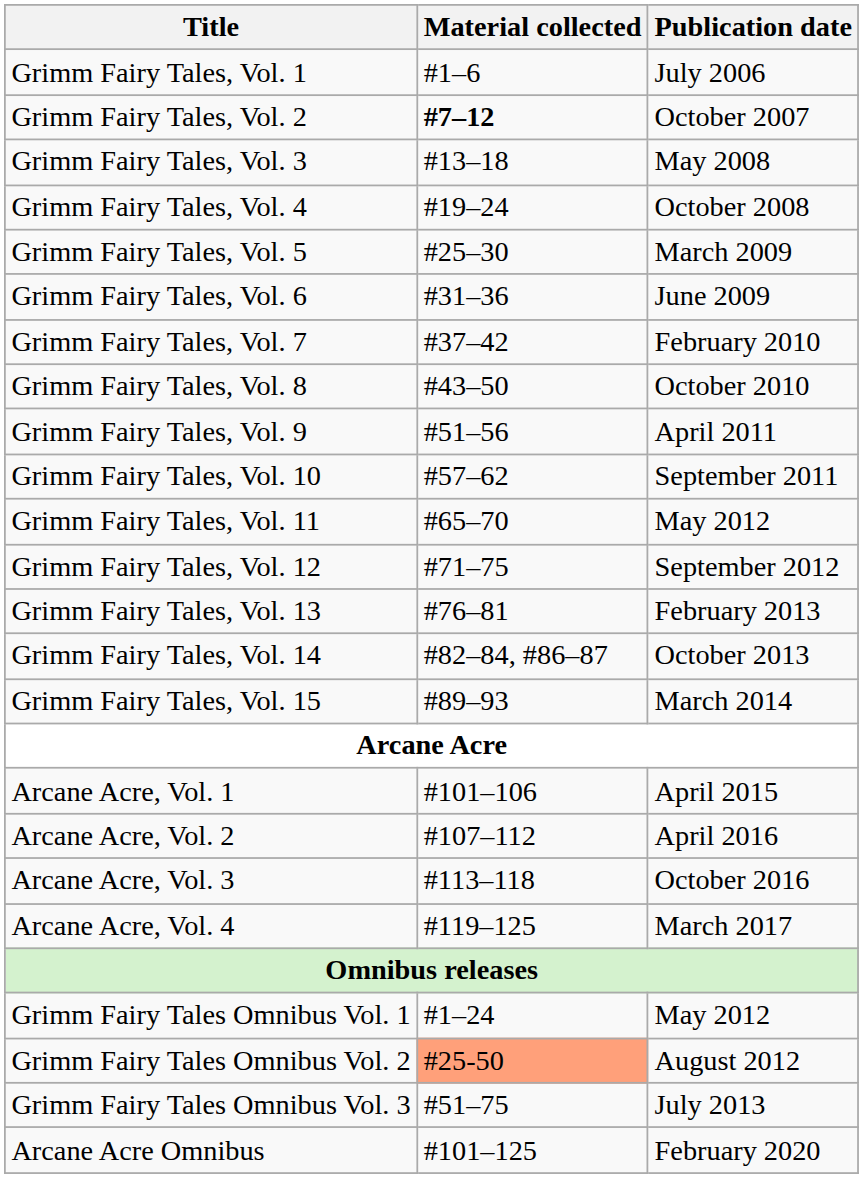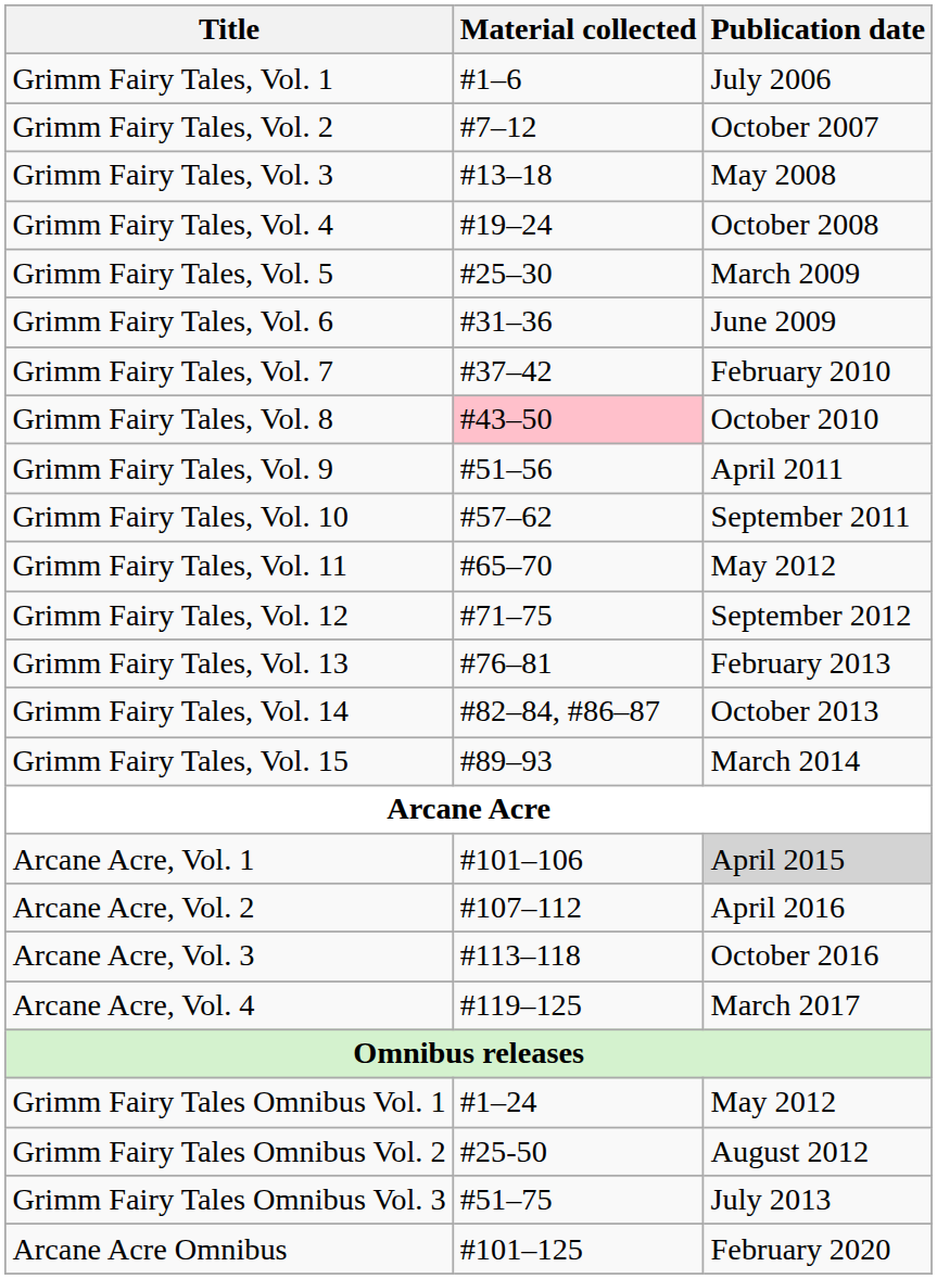 <table class="wikitable">
 <tr>
 <th>Title</th>
 <th>Material collected</th>
 <th>Publication date</th>
 </tr>
 <tr>
 <td>Grimm Fairy Tales, Vol. 1</td>
 <td>#1–6</td>
 <td>July 2006</td>
 </tr>
 <tr>
 <td>Grimm Fairy Tales, Vol. 2</td>
-<td><strong>#7–12</strong></td>
+<td>#7–12</td>
 <td>October 2007</td>
 </tr>
 <tr>
 <td>Grimm Fairy Tales, Vol. 3</td>
 <td>#13–18</td>
 <td>May 2008</td>
 </tr>
 <tr>
 <td>Grimm Fairy Tales, Vol. 4</td>
 <td>#19–24</td>
 <td>October 2008</td>
 </tr>
 <tr>
 <td>Grimm Fairy Tales, Vol. 5</td>
 <td>#25–30</td>
 <td>March 2009</td>
 </tr>
 <tr>
 <td>Grimm Fairy Tales, Vol. 6</td>
 <td>#31–36</td>
 <td>June 2009</td>
 </tr>
 <tr>
 <td>Grimm Fairy Tales, Vol. 7</td>
 <td>#37–42</td>
 <td>February 2010</td>
 </tr>
 <tr>
 <td>Grimm Fairy Tales, Vol. 8</td>
-<td>#43–50</td>
+<td style="background: pink;">#43–50</td>
 <td>October 2010</td>
 </tr>
 <tr>
 <td>Grimm Fairy Tales, Vol. 9</td>
 <td>#51–56</td>
 <td>April 2011</td>
 </tr>
 <tr>
 <td>Grimm Fairy Tales, Vol. 10</td>
 <td>#57–62</td>
 <td>September 2011</td>
 </tr>
 <tr>
 <td>Grimm Fairy Tales, Vol. 11</td>
 <td>#65–70</td>
 <td>May 2012</td>
 </tr>
 <tr>
 <td>Grimm Fairy Tales, Vol. 12</td>
 <td>#71–75</td>
 <td>September 2012</td>
 </tr>
 <tr>
 <td>Grimm Fairy Tales, Vol. 13</td>
 <td>#76–81</td>
 <td>February 2013</td>
 </tr>
 <tr>
 <td>Grimm Fairy Tales, Vol. 14</td>
 <td>#82–84, #86–87</td>
 <td>October 2013</td>
 </tr>
 <tr>
 <td>Grimm Fairy Tales, Vol. 15</td>
 <td>#89–93</td>
 <td>March 2014</td>
 </tr>
 <tr>
 <td colspan=3 align=center bgcolor=white><strong>Arcane Acre</strong></td>
 </tr>
 <tr>
 <td>Arcane Acre, Vol. 1</td>
 <td>#101–106</td>
-<td>April 2015</td>
+<td style="background: lightgrey;">April 2015</td>
 </tr>
 <tr>
 <td>Arcane Acre, Vol. 2</td>
 <td>#107–112</td>
 <td>April 2016</td>
 </tr>
 <tr>
 <td>Arcane Acre, Vol. 3</td>
 <td>#113–118</td>
 <td>October 2016</td>
 </tr>
 <tr>
 <td>Arcane Acre, Vol. 4</td>
 <td>#119–125</td>
 <td>March 2017</td>
 </tr>
 <tr>
 <td colspan=3 align=center bgcolor=#D4F2CE><strong>Omnibus releases</strong></td>
 </tr>
 <tr>
 <td>Grimm Fairy Tales Omnibus Vol. 1</td>
 <td>#1–24</td>
 <td>May 2012</td>
 </tr>
 <tr>
 <td>Grimm Fairy Tales Omnibus Vol. 2</td>
-<td style="background: lightsalmon;">#25-50</td>
+<td>#25-50</td>
 <td>August 2012</td>
 </tr>
 <tr>
 <td>Grimm Fairy Tales Omnibus Vol. 3</td>
 <td>#51–75</td>
 <td>July 2013</td>
 </tr>
 <tr>
 <td>Arcane Acre Omnibus</td>
 <td>#101–125</td>
 <td>February 2020</td>
 </tr>
 </table>
